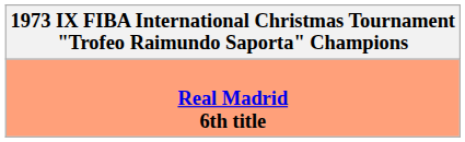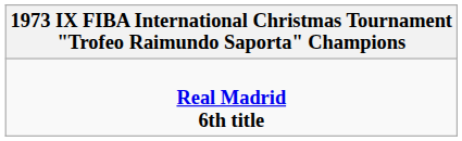 <table class=wikitable style="text-align:center; margin:auto">
 <tr>
 <th>1973 IX FIBA International Christmas Tournament<br>"Trofeo Raimundo Saporta" Champions</th>
 </tr>
 <tr>
-<td style="background: lightsalmon;"><br><strong><a href='#'>Real Madrid</a></strong><br><strong>6th title</strong></td>
+<td><br><strong><a href='#'>Real Madrid</a></strong><br><strong>6th title</strong></td>
 </tr>
 </table>
